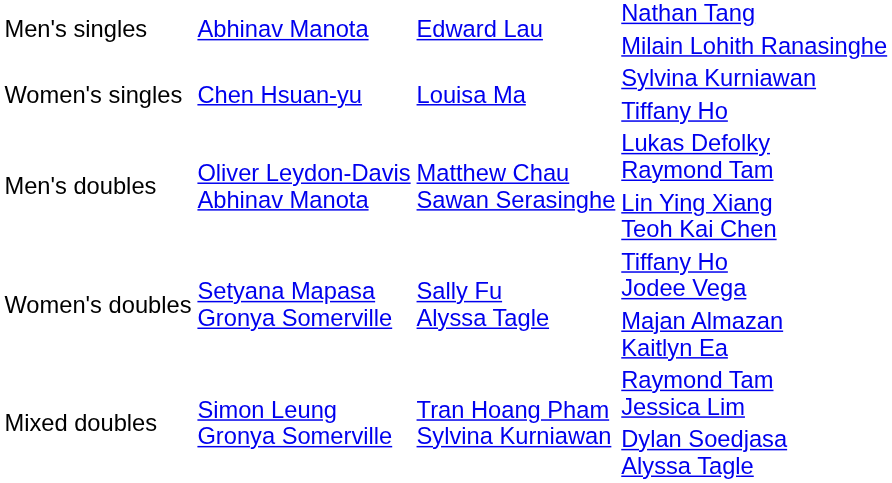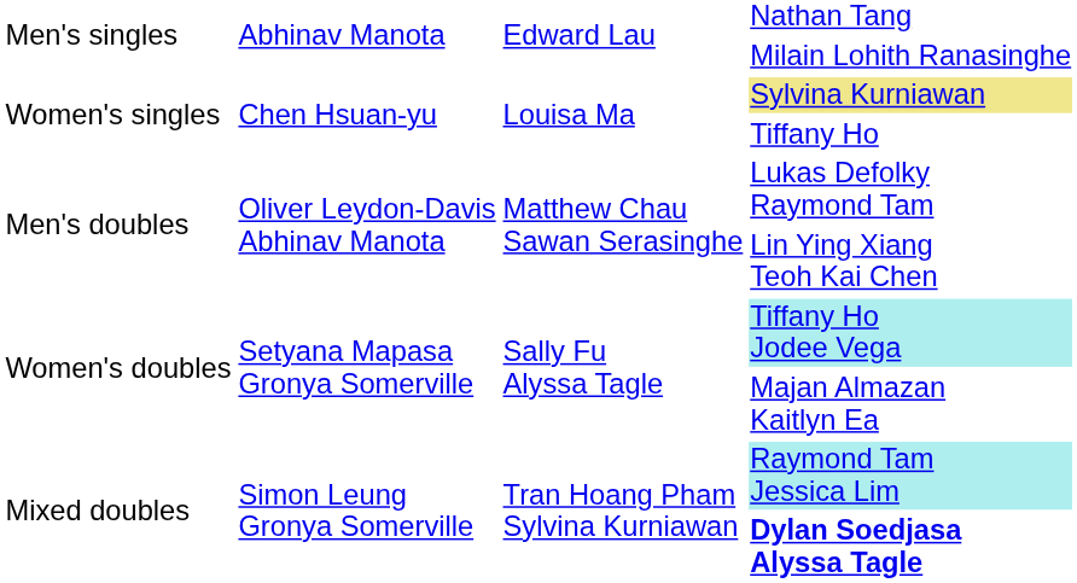 <table>
 <tr>
 <td rowspan="2">Men's singles<br></td>
 <td rowspan="2"> <a href='#'>Abhinav Manota</a></td>
 <td rowspan="2"> <a href='#'>Edward Lau</a></td>
 <td> <a href='#'>Nathan Tang</a></td>
 </tr>
 <tr>
 <td> <a href='#'>Milain Lohith Ranasinghe</a></td>
 </tr>
 <tr>
 <td rowspan="2">Women's singles<br></td>
 <td rowspan="2"> <a href='#'>Chen Hsuan-yu</a></td>
 <td rowspan="2"> <a href='#'>Louisa Ma</a></td>
-<td> <a href='#'>Sylvina Kurniawan</a></td>
+<td style="background: khaki;"> <a href='#'>Sylvina Kurniawan</a></td>
 </tr>
 <tr>
 <td> <a href='#'>Tiffany Ho</a></td>
 </tr>
 <tr>
 <td rowspan="2">Men's doubles<br></td>
 <td rowspan="2"> <a href='#'>Oliver Leydon-Davis</a><br> <a href='#'>Abhinav Manota</a></td>
 <td rowspan="2"> <a href='#'>Matthew Chau</a><br> <a href='#'>Sawan Serasinghe</a></td>
 <td> <a href='#'>Lukas Defolky</a><br> <a href='#'>Raymond Tam</a></td>
 </tr>
 <tr>
 <td> <a href='#'>Lin Ying Xiang</a><br> <a href='#'>Teoh Kai Chen</a></td>
 </tr>
 <tr>
 <td rowspan="2">Women's doubles<br></td>
 <td rowspan="2"> <a href='#'>Setyana Mapasa</a><br> <a href='#'>Gronya Somerville</a></td>
 <td rowspan="2"> <a href='#'>Sally Fu</a><br> <a href='#'>Alyssa Tagle</a></td>
-<td> <a href='#'>Tiffany Ho</a><br> <a href='#'>Jodee Vega</a></td>
+<td style="background: paleturquoise;"> <a href='#'>Tiffany Ho</a><br> <a href='#'>Jodee Vega</a></td>
 </tr>
 <tr>
 <td> <a href='#'>Majan Almazan</a><br> <a href='#'>Kaitlyn Ea</a></td>
 </tr>
 <tr>
 <td rowspan="2">Mixed doubles<br></td>
 <td rowspan="2"> <a href='#'>Simon Leung</a><br> <a href='#'>Gronya Somerville</a></td>
 <td rowspan="2"> <a href='#'>Tran Hoang Pham</a><br> <a href='#'>Sylvina Kurniawan</a></td>
-<td> <a href='#'>Raymond Tam</a><br> <a href='#'>Jessica Lim</a></td>
+<td style="background: paleturquoise;"> <a href='#'>Raymond Tam</a><br> <a href='#'>Jessica Lim</a></td>
 </tr>
 <tr>
-<td> <a href='#'>Dylan Soedjasa</a><br> <a href='#'>Alyssa Tagle</a></td>
+<td><strong> <a href='#'>Dylan Soedjasa</a><br> <a href='#'>Alyssa Tagle</a></strong></td>
 </tr>
 </table>
